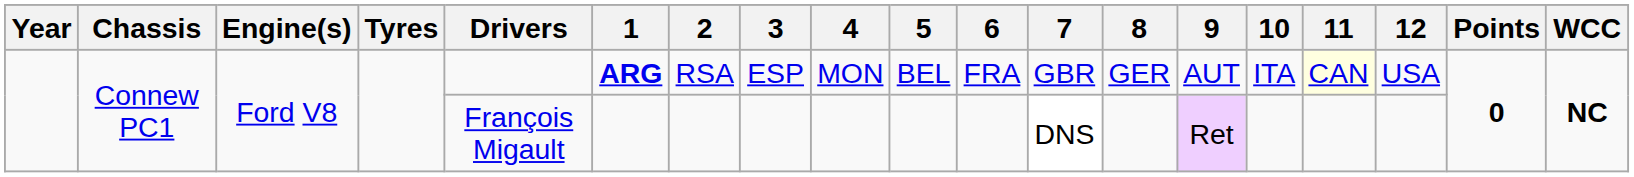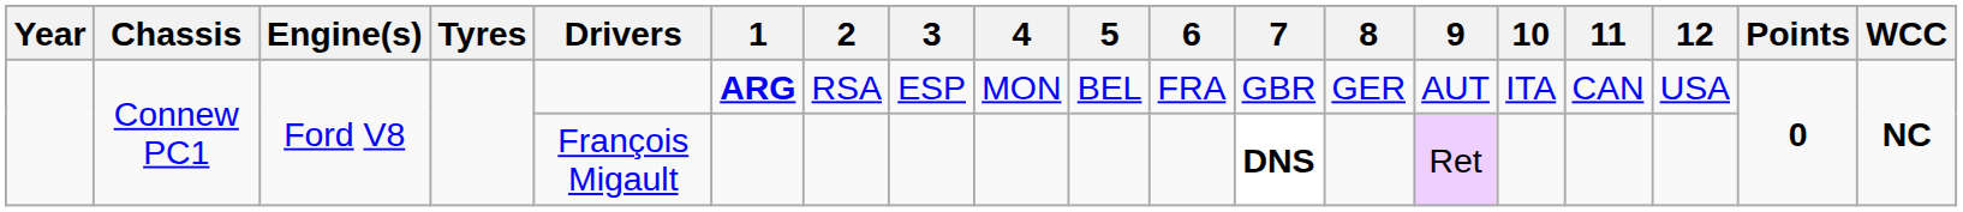 <table class="wikitable" style="text-align:center; font-size:95%">
 <tr>
 <th>Year</th>
 <th>Chassis</th>
 <th>Engine(s)</th>
 <th>Tyres</th>
 <th>Drivers</th>
 <th>1</th>
 <th>2</th>
 <th>3</th>
 <th>4</th>
 <th>5</th>
 <th>6</th>
 <th>7</th>
 <th>8</th>
 <th>9</th>
 <th>10</th>
 <th>11</th>
 <th>12</th>
 <th>Points</th>
 <th>WCC</th>
 </tr>
 <tr>
 <td rowspan="2"></td>
 <td rowspan="2"><a href='#'>Connew PC1</a></td>
 <td rowspan="2"><a href='#'>Ford</a> <a href='#'>V8</a></td>
 <td rowspan="2"></td>
 <td></td>
 <td><strong><a href='#'>ARG</a></strong></td>
 <td><a href='#'>RSA</a></td>
 <td><a href='#'>ESP</a></td>
 <td><a href='#'>MON</a></td>
 <td><a href='#'>BEL</a></td>
 <td><a href='#'>FRA</a></td>
 <td><a href='#'>GBR</a></td>
 <td><a href='#'>GER</a></td>
 <td><a href='#'>AUT</a></td>
 <td><a href='#'>ITA</a></td>
-<td style="background: lightyellow;"><a href='#'>CAN</a></td>
+<td><a href='#'>CAN</a></td>
 <td><a href='#'>USA</a></td>
 <td rowspan="2"><strong>0</strong></td>
 <td rowspan="2"><strong>NC</strong></td>
 </tr>
 <tr>
 <td> <a href='#'>François Migault</a></td>
 <td></td>
 <td></td>
 <td></td>
 <td></td>
 <td></td>
 <td></td>
-<td style="background:#FFFFFF;">DNS</td>
+<td style="background:#FFFFFF;"><strong>DNS</strong></td>
 <td></td>
 <td style="background:#EFCFFF;">Ret</td>
 <td></td>
 <td></td>
 <td></td>
 </tr>
 </table>
